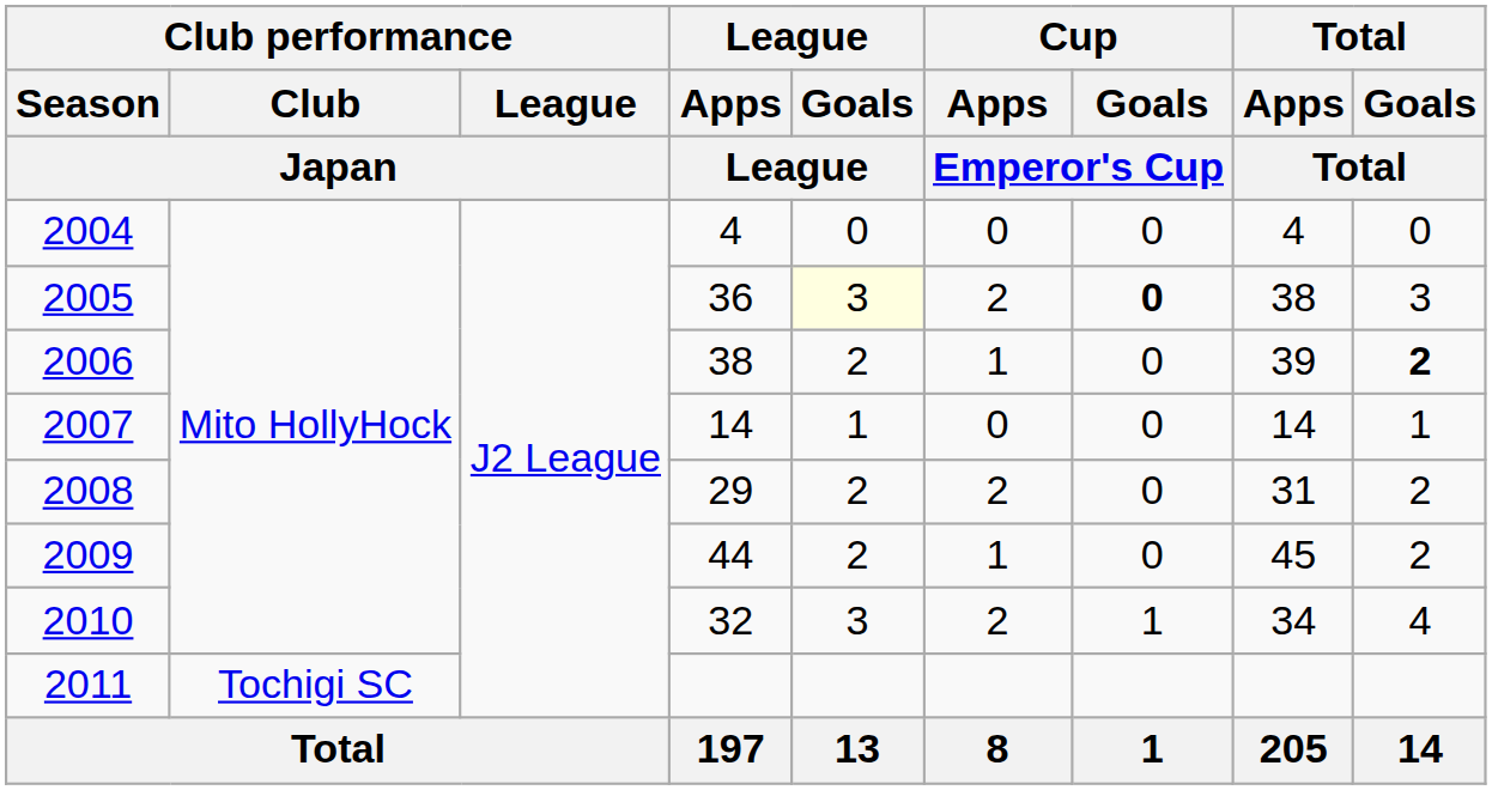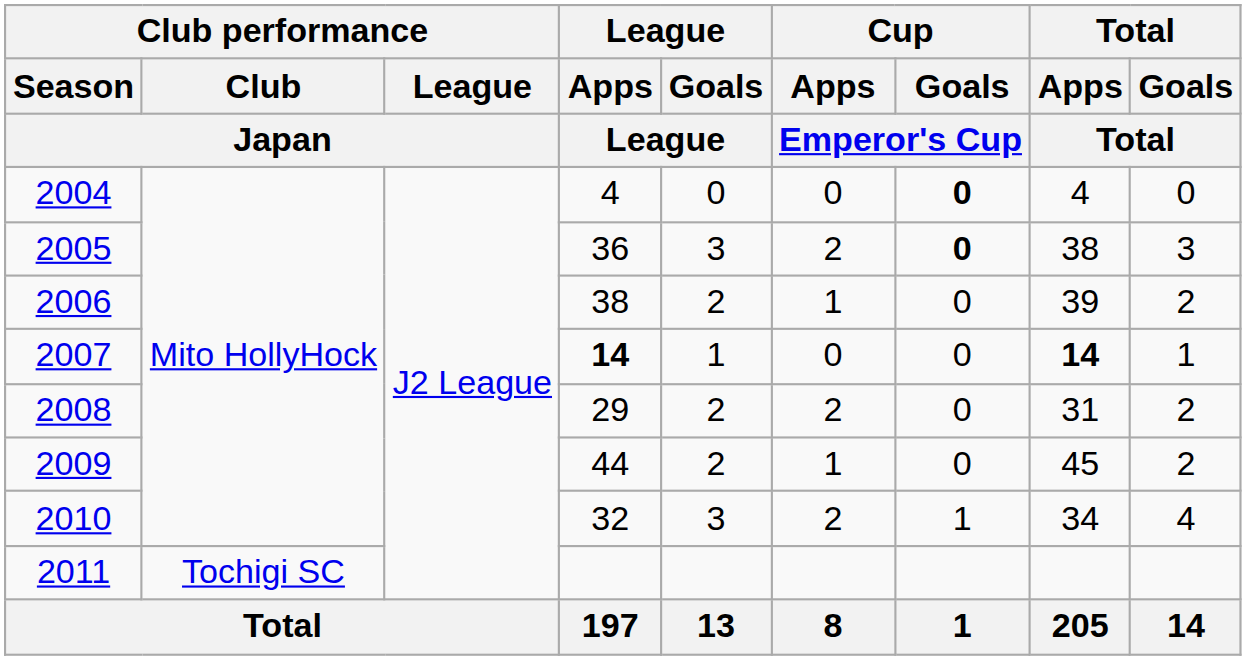 <table class="wikitable" style="text-align:center;">
 <tr>
 <th colspan=3>Club performance</th>
 <th colspan=2>League</th>
 <th colspan=2>Cup</th>
 <th colspan=2>Total</th>
 </tr>
 <tr>
 <th>Season</th>
 <th>Club</th>
 <th>League</th>
 <th>Apps</th>
 <th>Goals</th>
 <th>Apps</th>
 <th>Goals</th>
 <th>Apps</th>
 <th>Goals</th>
 </tr>
 <tr>
 <th colspan=3>Japan</th>
 <th colspan=2>League</th>
 <th colspan=2><a href='#'>Emperor's Cup</a></th>
 <th colspan=2>Total</th>
 </tr>
 <tr>
 <td><a href='#'>2004</a></td>
 <td rowspan="7"><a href='#'>Mito HollyHock</a></td>
 <td rowspan="8"><a href='#'>J2 League</a></td>
 <td>4</td>
 <td>0</td>
 <td>0</td>
-<td>0</td>
+<td><strong>0</strong></td>
 <td>4</td>
 <td>0</td>
 </tr>
 <tr>
 <td><a href='#'>2005</a></td>
 <td>36</td>
-<td style="background: lightyellow;">3</td>
+<td>3</td>
 <td>2</td>
 <td><strong>0</strong></td>
 <td>38</td>
 <td>3</td>
 </tr>
 <tr>
 <td><a href='#'>2006</a></td>
 <td>38</td>
 <td>2</td>
 <td>1</td>
 <td>0</td>
 <td>39</td>
-<td><strong>2</strong></td>
+<td>2</td>
 </tr>
 <tr>
 <td><a href='#'>2007</a></td>
-<td>14</td>
+<td><strong>14</strong></td>
 <td>1</td>
 <td>0</td>
 <td>0</td>
-<td>14</td>
+<td><strong>14</strong></td>
 <td>1</td>
 </tr>
 <tr>
 <td><a href='#'>2008</a></td>
 <td>29</td>
 <td>2</td>
 <td>2</td>
 <td>0</td>
 <td>31</td>
 <td>2</td>
 </tr>
 <tr>
 <td><a href='#'>2009</a></td>
 <td>44</td>
 <td>2</td>
 <td>1</td>
 <td>0</td>
 <td>45</td>
 <td>2</td>
 </tr>
 <tr>
 <td><a href='#'>2010</a></td>
 <td>32</td>
 <td>3</td>
 <td>2</td>
 <td>1</td>
 <td>34</td>
 <td>4</td>
 </tr>
 <tr>
 <td><a href='#'>2011</a></td>
 <td rowspan="1"><a href='#'>Tochigi SC</a></td>
 <td></td>
 <td></td>
 <td></td>
 <td></td>
 <td></td>
 <td></td>
 </tr>
 <tr>
 <th colspan=3>Total</th>
 <th>197</th>
 <th>13</th>
 <th>8</th>
 <th>1</th>
 <th>205</th>
 <th>14</th>
 </tr>
 </table>
